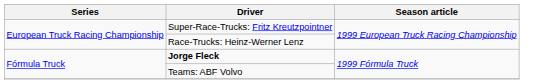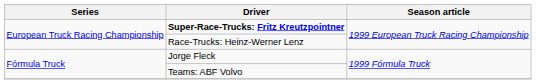 <table class="wikitable" style="font-size: 87%;">
 <tr>
 <th>Series</th>
 <th>Driver</th>
 <th>Season article</th>
 </tr>
 <tr>
 <td rowspan=2><a href='#'>European Truck Racing Championship</a></td>
-<td>Super-Race-Trucks:  <a href='#'>Fritz Kreutzpointner</a></td>
+<td><strong>Super-Race-Trucks:  <a href='#'>Fritz Kreutzpointner</a></strong></td>
 <td rowspan=2><em><a href='#'>1999 European Truck Racing Championship</a></em></td>
 </tr>
 <tr>
 <td>Race-Trucks:  Heinz-Werner Lenz</td>
 </tr>
 <tr>
 <td rowspan=2><a href='#'>Fórmula Truck</a></td>
-<td><strong> Jorge Fleck</strong></td>
+<td> Jorge Fleck</td>
 <td rowspan=2><em><a href='#'>1999 Fórmula Truck</a></em></td>
 </tr>
 <tr>
 <td>Teams:  ABF Volvo</td>
 </tr>
 <tr>
 </tr>
 </table>
